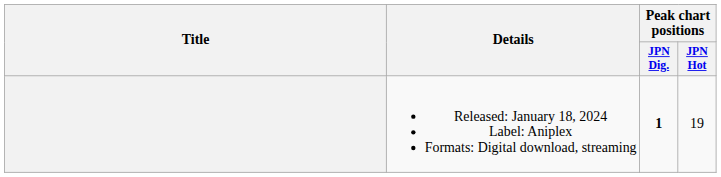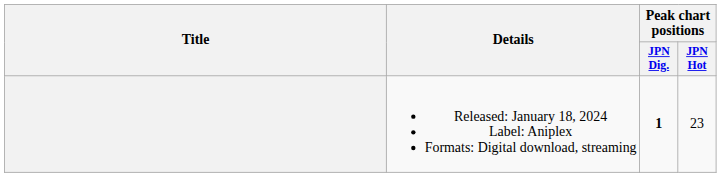 <table class="wikitable plainrowheaders" style="text-align:center;">
 <tr>
 <th scope="col" rowspan="2" style="width:27em;">Title</th>
 <th scope="col" rowspan="2">Details</th>
 <th scope="col" colspan="2">Peak chart positions</th>
 </tr>
 <tr>
 <th scope="col" style="width:2.75em;font-size:85%;"><a href='#'>JPN<br>Dig.</a><br></th>
 <th scope="col" style="width:2.75em;font-size:85%;"><a href='#'>JPN<br>Hot</a><br></th>
 </tr>
 <tr>
 <th scope="row"></th>
 <td><br><ul><li>Released: January 18, 2024</li><li>Label: Aniplex</li><li>Formats: Digital download, streaming</li></ul></td>
 <td><strong>1</strong></td>
-<td>19</td>
+<td>23</td>
 </tr>
 </table>
